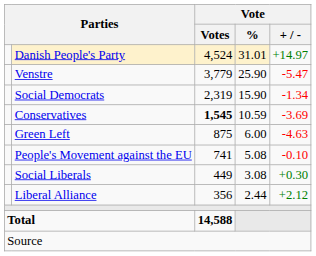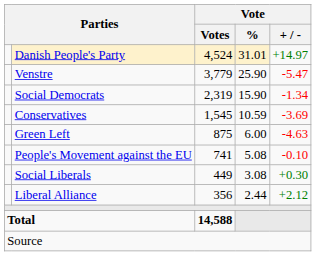 <table class="wikitable" style="text-align:right;">
 <tr>
 <th style="text-align:centre;" rowspan="2" colspan="2" width="225">Parties</th>
 <th colspan="3">Vote</th>
 </tr>
 <tr>
 <th width="15">Votes</th>
 <th width="15">%</th>
 <th width="15">+ / -</th>
 </tr>
 <tr>
 <td width="2" style="color:inherit;background:"></td>
 <td bgcolor=#fef2cc   align="left"><a href='#'>Danish People's Party</a></td>
 <td bgcolor=#fef2cc>4,524</td>
 <td bgcolor=#fef2cc>31.01</td>
 <td style=color:green;>+14.97</td>
 </tr>
 <tr>
 <td width="2" style="color:inherit;background:"></td>
 <td align="left"><a href='#'>Venstre</a></td>
 <td>3,779</td>
 <td>25.90</td>
 <td style=color:red;>-5.47</td>
 </tr>
 <tr>
 <td width="2" style="color:inherit;background:"></td>
 <td align="left"><a href='#'>Social Democrats</a></td>
 <td>2,319</td>
 <td>15.90</td>
 <td style=color:red;>-1.34</td>
 </tr>
 <tr>
 <td width="2" style="color:inherit;background:"></td>
 <td align="left"><a href='#'>Conservatives</a></td>
-<td><strong>1,545</strong></td>
+<td>1,545</td>
 <td>10.59</td>
 <td style=color:red;>-3.69</td>
 </tr>
 <tr>
 <td width="2" style="color:inherit;background:"></td>
 <td align="left"><a href='#'>Green Left</a></td>
 <td>875</td>
 <td>6.00</td>
 <td style=color:red;>-4.63</td>
 </tr>
 <tr>
 <td width="2" style="color:inherit;background:"></td>
 <td align="left"><a href='#'>People's Movement against the EU</a></td>
 <td>741</td>
 <td>5.08</td>
 <td style=color:red;>-0.10</td>
 </tr>
 <tr>
 <td width="2" style="color:inherit;background:"></td>
 <td align="left"><a href='#'>Social Liberals</a></td>
 <td>449</td>
 <td>3.08</td>
 <td style=color:green;>+0.30</td>
 </tr>
 <tr>
 <td width="2" style="color:inherit;background:"></td>
 <td align="left"><a href='#'>Liberal Alliance</a></td>
 <td>356</td>
 <td>2.44</td>
 <td style=color:green;>+2.12</td>
 </tr>
 <tr>
 <td colspan="7" bgcolor="#E9E9E9"></td>
 </tr>
 <tr>
 <td align="left" colspan="2"><strong>Total</strong></td>
 <td><strong>14,588</strong></td>
 <td bgcolor="#E9E9E9" colspan="2"></td>
 </tr>
 <tr>
 <td align="left" colspan="6">Source</td>
 </tr>
 </table>
